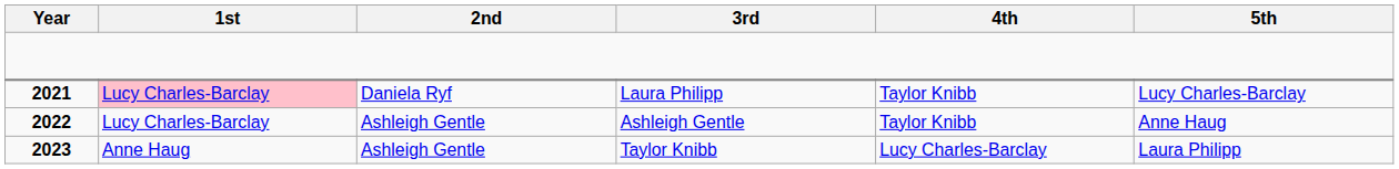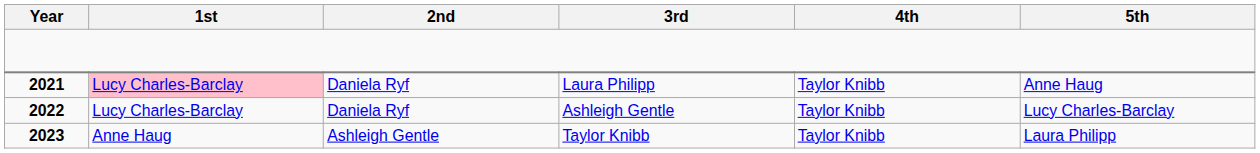 <table class="wikitable sortable" style="width: 100%";>
 <tr>
 <th width=120>Year</th>
 <th width=400>1st</th>
 <th width=400>2nd</th>
 <th width=400>3rd</th>
 <th width=400>4th</th>
 <th width=400>5th</th>
 </tr>
 <tr style="height: 2.7em; border-bottom: 2px solid gray;">
 </tr>
 <tr>
 <td style="text-align: center;"><strong>2021</strong></td>
 <td style="background: pink;"> <a href='#'>Lucy Charles-Barclay</a></td>
 <td> <a href='#'>Daniela Ryf</a></td>
 <td> <a href='#'>Laura Philipp</a></td>
 <td> <a href='#'>Taylor Knibb</a></td>
-<td> <a href='#'>Lucy Charles-Barclay</a></td>
+<td> <a href='#'>Anne Haug</a></td>
 </tr>
 <tr>
 <td style="text-align: center;"><strong>2022</strong></td>
 <td> <a href='#'>Lucy Charles-Barclay</a></td>
-<td> <a href='#'>Ashleigh Gentle</a></td>
+<td> <a href='#'>Daniela Ryf</a></td>
 <td> <a href='#'>Ashleigh Gentle</a></td>
 <td> <a href='#'>Taylor Knibb</a></td>
-<td> <a href='#'>Anne Haug</a></td>
+<td> <a href='#'>Lucy Charles-Barclay</a></td>
 </tr>
 <tr>
 <td style="text-align: center;"><strong>2023</strong></td>
 <td> <a href='#'>Anne Haug</a></td>
 <td> <a href='#'>Ashleigh Gentle</a></td>
 <td> <a href='#'>Taylor Knibb</a></td>
-<td> <a href='#'>Lucy Charles-Barclay</a></td>
+<td> <a href='#'>Taylor Knibb</a></td>
 <td> <a href='#'>Laura Philipp</a></td>
 </tr>
 </table>
